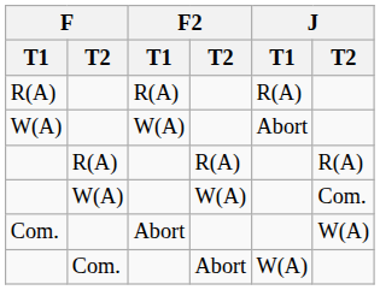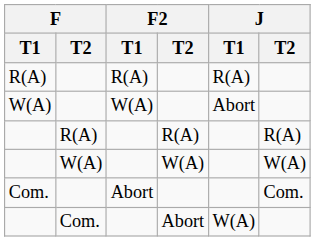 <table class="wikitable">
 <tr>
 <th colspan="2">F</th>
 <th colspan="2">F2</th>
 <th colspan="2">J</th>
 </tr>
 <tr>
 <th>T1</th>
 <th>T2</th>
 <th>T1</th>
 <th>T2</th>
 <th>T1</th>
 <th>T2</th>
 </tr>
 <tr>
 <td>R(A)</td>
 <td></td>
 <td>R(A)</td>
 <td></td>
 <td>R(A)</td>
 <td></td>
 </tr>
 <tr>
 <td>W(A)</td>
 <td></td>
 <td>W(A)</td>
 <td></td>
 <td>Abort</td>
 <td></td>
 </tr>
 <tr>
 <td></td>
 <td>R(A)</td>
 <td></td>
 <td>R(A)</td>
 <td></td>
 <td>R(A)</td>
 </tr>
 <tr>
 <td></td>
 <td>W(A)</td>
 <td></td>
 <td>W(A)</td>
 <td></td>
-<td>Com.</td>
+<td>W(A)</td>
 </tr>
 <tr>
 <td>Com.</td>
 <td></td>
 <td>Abort</td>
 <td></td>
 <td></td>
-<td>W(A)</td>
+<td>Com.</td>
 </tr>
 <tr>
 <td></td>
 <td>Com.</td>
 <td></td>
 <td>Abort</td>
 <td>W(A)</td>
 <td></td>
 </tr>
 </table>
